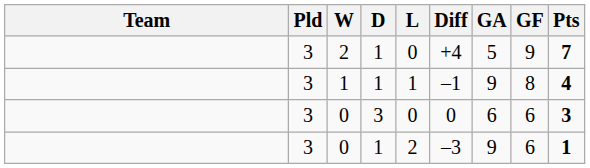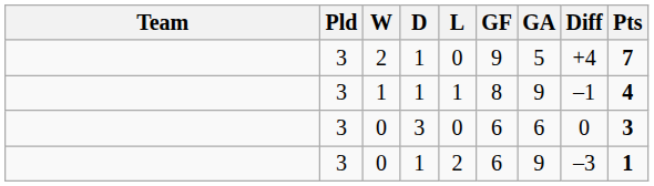 <table class="wikitable" style="text-align: center;">
 <tr>
 <th width=220>Team</th>
 <th width=20>Pld</th>
 <th width=20>W</th>
 <th width=20>D</th>
 <th width=20>L</th>
+<th width=20>GF</th>
+<th width=20>GA</th>
 <th width=20>Diff</th>
-<th width=20>GA</th>
-<th width=20>GF</th>
 <th width=20>Pts</th>
 </tr>
 <tr>
 <td align="left"></td>
 <td>3</td>
 <td>2</td>
 <td>1</td>
 <td>0</td>
+<td>9</td>
+<td>5</td>
 <td>+4</td>
-<td>5</td>
-<td>9</td>
 <td><strong>7</strong></td>
 </tr>
 <tr>
 <td align="left"></td>
 <td>3</td>
 <td>1</td>
 <td>1</td>
 <td>1</td>
+<td>8</td>
+<td>9</td>
 <td>–1</td>
-<td>9</td>
-<td>8</td>
 <td><strong>4</strong></td>
 </tr>
 <tr>
 <td align="left"></td>
 <td>3</td>
 <td>0</td>
 <td>3</td>
 <td>0</td>
-<td>0</td>
 <td>6</td>
 <td>6</td>
+<td>0</td>
 <td><strong>3</strong></td>
 </tr>
 <tr>
 <td align="left"></td>
 <td>3</td>
 <td>0</td>
 <td>1</td>
 <td>2</td>
+<td>6</td>
+<td>9</td>
 <td>–3</td>
-<td>9</td>
-<td>6</td>
 <td><strong>1</strong></td>
 </tr>
 </table>
